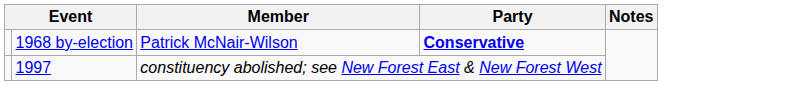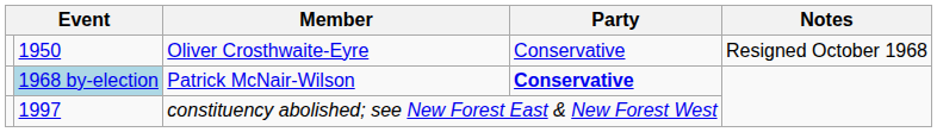 <table class="wikitable">
 <tr>
 <th colspan="2">Event</th>
 <th>Member</th>
 <th>Party</th>
 <th>Notes</th>
 </tr>
 <tr>
 </tr>
 <tr>
 <td style="color:inherit;background-color: "></td>
-<td><a href='#'>1968 by-election</a></td>
+<td><a href='#'>1950</a></td>
+<td><a href='#'>Oliver Crosthwaite-Eyre</a></td>
+<td><a href='#'>Conservative</a></td>
+<td>Resigned October 1968</td>
+</tr>
+<tr>
+<td style="color:inherit;background-color: "></td>
+<td style="background: lightblue;"><a href='#'>1968 by-election</a></td>
 <td><a href='#'>Patrick McNair-Wilson</a></td>
 <td><strong><a href='#'>Conservative</a></strong></td>
 </tr>
 <tr>
 <td></td>
 <td><a href='#'>1997</a></td>
 <td colspan="2"><em>constituency abolished; see <a href='#'>New Forest East</a> & <a href='#'>New Forest West</a></em></td>
 </tr>
 </table>
